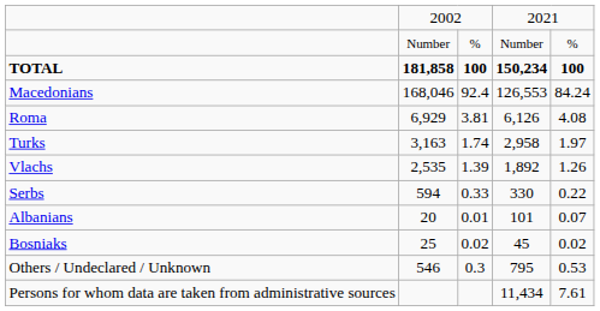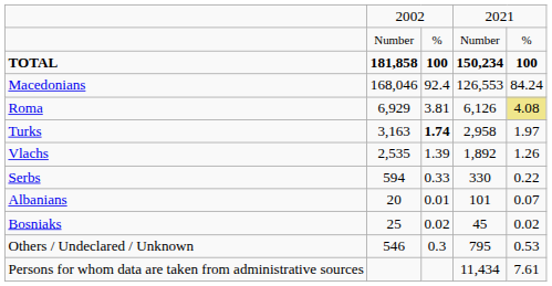 <table class="wikitable">
 <tr>
 <td></td>
 <td colspan="2" align="center">2002</td>
 <td colspan="2" align="center">2021</td>
 </tr>
 <tr>
 <td></td>
 <td align="center"><small>Number</small></td>
 <td align="center"><small>%</small></td>
 <td align="center"><small>Number</small></td>
 <td align="center"><small>%</small></td>
 </tr>
 <tr>
 <td><strong>TOTAL</strong></td>
 <td align="center"><strong>181,858</strong></td>
 <td align="center"><strong>100</strong></td>
 <td align="center"><strong>150,234</strong></td>
 <td align="center"><strong>100</strong></td>
 </tr>
 <tr>
 <td><a href='#'>Macedonians</a></td>
 <td align="center">168,046</td>
 <td align="center">92.4</td>
 <td align="center">126,553</td>
 <td align="center">84.24</td>
 </tr>
 <tr>
 <td><a href='#'>Roma</a></td>
 <td align="center">6,929</td>
 <td align="center">3.81</td>
 <td align="center">6,126</td>
-<td align="center">4.08</td>
+<td align="center" style="background: khaki;">4.08</td>
 </tr>
 <tr>
 <td><a href='#'>Turks</a></td>
 <td align="center">3,163</td>
-<td align="center">1.74</td>
+<td align="center"><strong>1.74</strong></td>
 <td align="center">2,958</td>
 <td align="center">1.97</td>
 </tr>
 <tr>
 <td><a href='#'>Vlachs</a></td>
 <td align="center">2,535</td>
 <td align="center">1.39</td>
 <td align="center">1,892</td>
 <td align="center">1.26</td>
 </tr>
 <tr>
 <td><a href='#'>Serbs</a></td>
 <td align="center">594</td>
 <td align="center">0.33</td>
 <td align="center">330</td>
 <td align="center">0.22</td>
 </tr>
 <tr>
 <td><a href='#'>Albanians</a></td>
 <td align="center">20</td>
 <td align="center">0.01</td>
 <td align="center">101</td>
 <td align="center">0.07</td>
 </tr>
 <tr>
 <td><a href='#'>Bosniaks</a></td>
 <td align="center">25</td>
 <td align="center">0.02</td>
 <td align="center">45</td>
 <td align="center">0.02</td>
 </tr>
 <tr>
 <td>Others / Undeclared / Unknown</td>
 <td align="center">546</td>
 <td align="center">0.3</td>
 <td align="center">795</td>
 <td align="center">0.53</td>
 </tr>
 <tr>
 <td>Persons for whom data are taken from administrative sources</td>
 <td></td>
 <td></td>
 <td align="center">11,434</td>
 <td align="center">7.61</td>
 </tr>
 </table>
